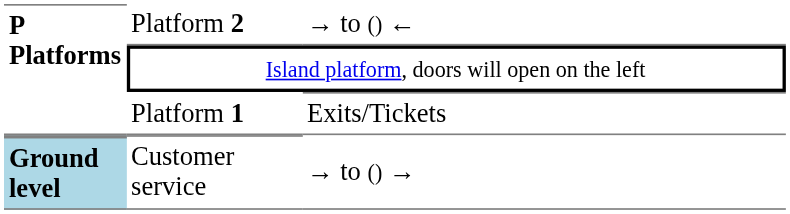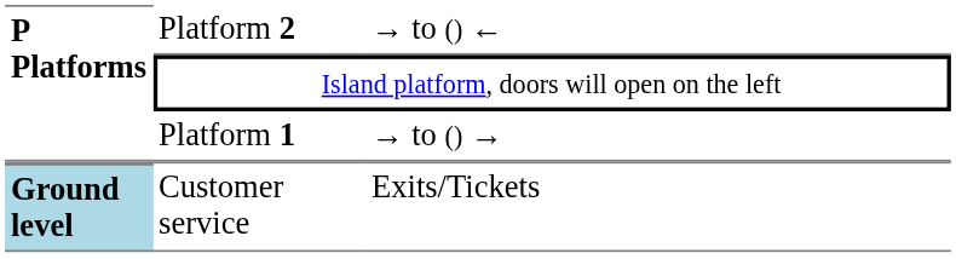 <table table border=0 cellspacing=0 cellpadding=3>
 <tr>
 <td style="border-bottom:solid 1px gray;border-top:solid 1px gray;" rowspan=3 valign=top><strong>P<br>Platforms</strong></td>
 <td style="border-bottom:solid 1px gray;">Platform <strong>2</strong></td>
 <td style="border-bottom:solid 1px gray;"><span>→</span>  to  <small>()</small> ←</td>
 </tr>
 <tr>
 <td style="border-bottom:solid 2px black;border-top:solid 2px black;border-right:solid 2px black;border-left:solid 2px black;text-align:center;" colspan=2><small><a href='#'>Island platform</a>, doors will open on the left</small></td>
 </tr>
 <tr>
 <td style="border-bottom:solid 1px gray;">Platform <strong>1</strong></td>
-<td style="border-top:solid 1px gray;border-bottom:solid 1px gray;" width=285 valign=top>Exits/Tickets</td>
+<td style="border-bottom:solid 1px gray;"><span>→</span>  to  <small>()</small> →</td>
 </tr>
 <tr>
 <td style="background: lightblue; border-bottom:solid 1px gray;border-top:solid 2px gray;" width=50 valign=top><strong>Ground level</strong></td>
 <td style="border-top:solid 1px gray;border-bottom:solid 1px gray;" width=100 valign=top>Customer service</td>
-<td style="border-bottom:solid 1px gray;"><span>→</span>  to  <small>()</small> →</td>
+<td style="border-top:solid 1px gray;border-bottom:solid 1px gray;" width=285 valign=top>Exits/Tickets</td>
 </tr>
 </table>
